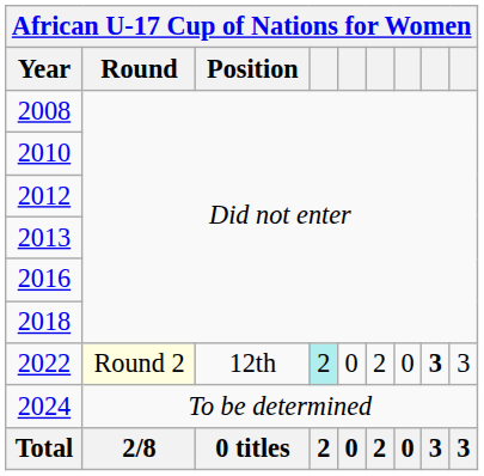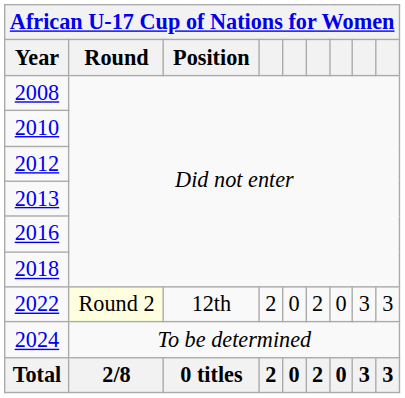 <table class="wikitable" style="text-align: center;">
 <tr>
 <th colspan=9><a href='#'>African U-17 Cup of Nations for Women</a></th>
 </tr>
 <tr>
 <th>Year</th>
 <th>Round</th>
 <th>Position</th>
 <th></th>
 <th></th>
 <th></th>
 <th></th>
 <th></th>
 <th></th>
 </tr>
 <tr>
 <td><a href='#'>2008</a></td>
 <td rowspan=6 colspan=8><em>Did not enter</em></td>
 </tr>
 <tr>
 <td><a href='#'>2010</a></td>
 </tr>
 <tr>
 <td><a href='#'>2012</a></td>
 </tr>
 <tr>
 <td><a href='#'>2013</a></td>
 </tr>
 <tr>
 <td><a href='#'>2016</a></td>
 </tr>
 <tr>
 <td><a href='#'>2018</a></td>
 </tr>
 <tr>
 <td><a href='#'>2022</a></td>
 <td style="background: lightyellow;">Round 2</td>
 <td>12th</td>
-<td style="background: paleturquoise;">2</td>
+<td>2</td>
 <td>0</td>
 <td>2</td>
 <td>0</td>
-<td><strong>3</strong></td>
+<td>3</td>
 <td>3</td>
 </tr>
 <tr>
 <td><a href='#'>2024</a></td>
 <td colspan=8><em>To be determined</em></td>
 </tr>
 <tr>
 <th>Total</th>
 <th>2/8</th>
 <th>0 titles</th>
 <th>2</th>
 <th>0</th>
 <th>2</th>
 <th>0</th>
 <th>3</th>
 <th>3</th>
 </tr>
 </table>
